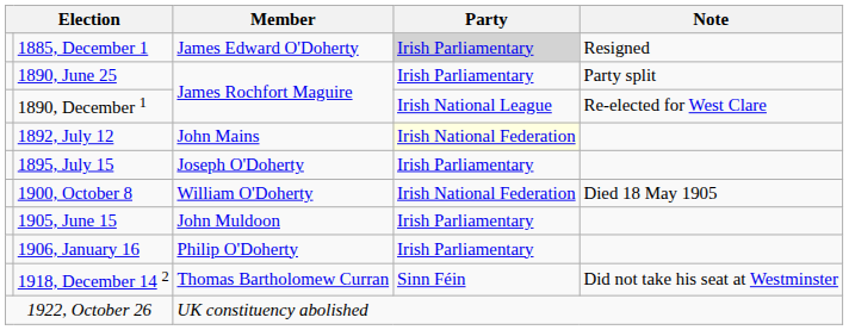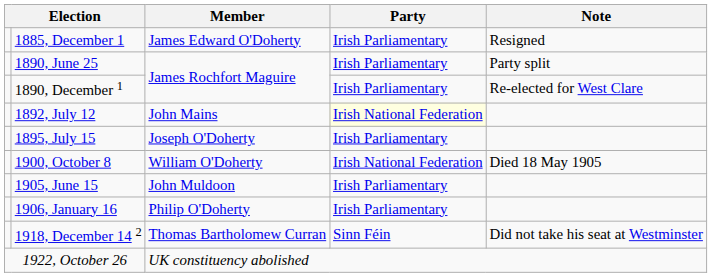 <table class="wikitable">
 <tr>
 <th colspan="2">Election</th>
 <th>Member</th>
 <th>Party</th>
 <th>Note</th>
 </tr>
 <tr>
 <td style="color:inherit;background-color: "></td>
 <td><a href='#'>1885, December 1</a></td>
 <td><a href='#'>James Edward O'Doherty</a></td>
-<td style="background: lightgrey;"><a href='#'>Irish Parliamentary</a></td>
+<td><a href='#'>Irish Parliamentary</a></td>
 <td>Resigned</td>
 </tr>
 <tr>
 <td style="color:inherit;background-color: "></td>
 <td><a href='#'>1890, June 25</a></td>
 <td rowspan="2"><a href='#'>James Rochfort Maguire</a></td>
 <td><a href='#'>Irish Parliamentary</a></td>
 <td>Party split</td>
 </tr>
 <tr>
 <td style="color:inherit;background-color: "></td>
 <td>1890, December <sup>1</sup></td>
-<td><a href='#'>Irish National League</a></td>
+<td><a href='#'>Irish Parliamentary</a></td>
 <td>Re-elected for <a href='#'>West Clare</a></td>
 </tr>
 <tr>
 <td style="color:inherit;background-color: "></td>
 <td><a href='#'>1892, July 12</a></td>
 <td><a href='#'>John Mains</a></td>
 <td style="background: lightyellow;"><a href='#'>Irish National Federation</a></td>
 <td></td>
 </tr>
 <tr>
 <td style="color:inherit;background-color: "></td>
 <td><a href='#'>1895, July 15</a></td>
 <td><a href='#'>Joseph O'Doherty</a></td>
 <td><a href='#'>Irish Parliamentary</a></td>
 <td></td>
 </tr>
 <tr>
 <td style="color:inherit;background-color: "></td>
 <td><a href='#'>1900, October 8</a></td>
 <td><a href='#'>William O'Doherty</a></td>
 <td><a href='#'>Irish National Federation</a></td>
 <td>Died 18 May 1905</td>
 </tr>
 <tr>
 <td style="color:inherit;background-color: "></td>
 <td><a href='#'>1905, June 15</a></td>
 <td><a href='#'>John Muldoon</a></td>
 <td><a href='#'>Irish Parliamentary</a></td>
 <td></td>
 </tr>
 <tr>
 <td style="color:inherit;background-color: "></td>
 <td><a href='#'>1906, January 16</a></td>
 <td><a href='#'>Philip O'Doherty</a></td>
 <td><a href='#'>Irish Parliamentary</a></td>
 <td></td>
 </tr>
 <tr>
 <td style="color:inherit;background-color: "></td>
 <td><a href='#'>1918, December 14</a> <sup>2</sup></td>
 <td><a href='#'>Thomas Bartholomew Curran</a></td>
 <td><a href='#'>Sinn Féin</a></td>
 <td>Did not take his seat at <a href='#'>Westminster</a></td>
 </tr>
 <tr>
 <td colspan="2" align="center"><em>1922, October 26</em></td>
 <td colspan="3"><em>UK constituency abolished</em></td>
 </tr>
 </table>
